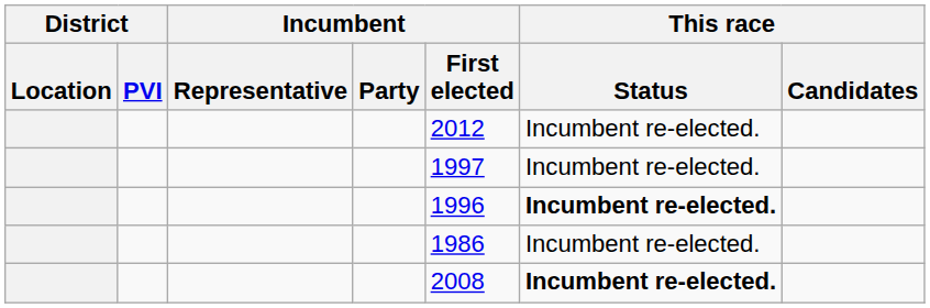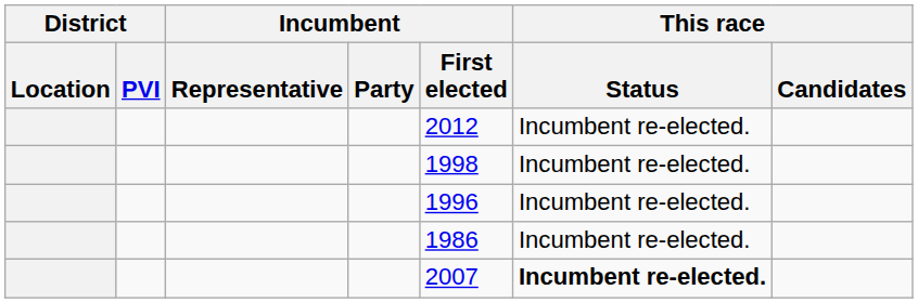 <table class="wikitable sortable">
 <tr valign=bottom>
 <th colspan=2>District</th>
 <th colspan=3>Incumbent</th>
 <th colspan=2>This race</th>
 </tr>
 <tr valign=bottom>
 <th>Location</th>
 <th><a href='#'>PVI</a></th>
 <th>Representative</th>
 <th>Party</th>
 <th>First<br>elected</th>
 <th>Status</th>
 <th>Candidates</th>
 </tr>
 <tr>
 <th></th>
 <td></td>
 <td></td>
 <td></td>
 <td><a href='#'>2012 </a></td>
 <td>Incumbent re-elected.</td>
 <td nowrap></td>
 </tr>
 <tr>
 <th></th>
 <td></td>
 <td></td>
 <td></td>
-<td><a href='#'>1997</a></td>
+<td><a href='#'>1998</a></td>
 <td>Incumbent re-elected.</td>
 <td nowrap></td>
 </tr>
 <tr>
 <th></th>
 <td></td>
 <td></td>
 <td></td>
 <td><a href='#'>1996</a></td>
-<td><strong>Incumbent re-elected.</strong></td>
+<td>Incumbent re-elected.</td>
 <td nowrap></td>
 </tr>
 <tr>
 <th></th>
 <td></td>
 <td></td>
 <td></td>
 <td><a href='#'>1986</a></td>
 <td>Incumbent re-elected.</td>
 <td nowrap></td>
 </tr>
 <tr>
 <th></th>
 <td></td>
 <td></td>
 <td></td>
-<td><a href='#'>2008</a></td>
+<td><a href='#'>2007</a></td>
 <td><strong>Incumbent re-elected.</strong></td>
 <td nowrap></td>
 </tr>
 </table>
